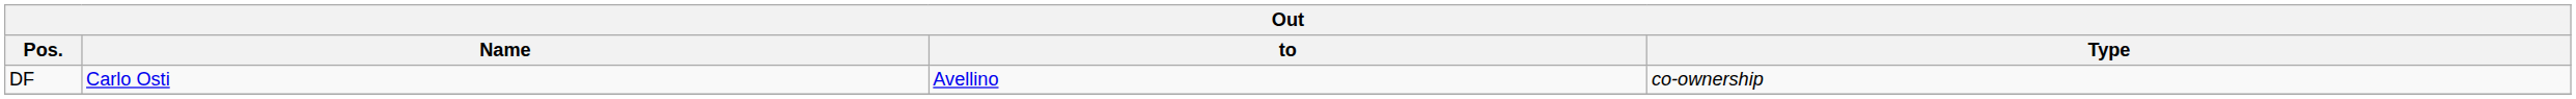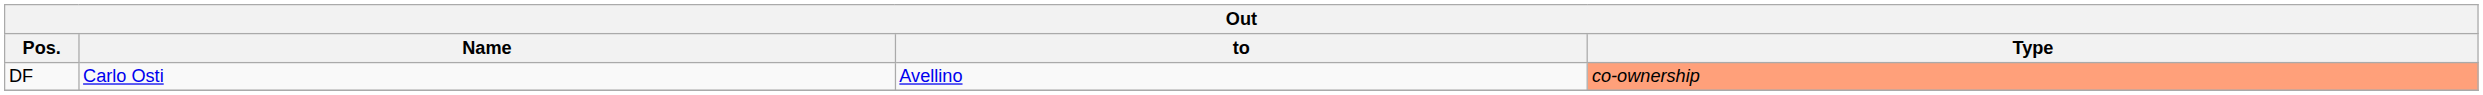 <table class="wikitable" style="font-size:90%;width:99%;">
 <tr>
 <th colspan="4">Out</th>
 </tr>
 <tr>
 <th width=3%>Pos.</th>
 <th width=33%>Name</th>
 <th width=28%>to</th>
 <th width=36%>Type</th>
 </tr>
 <tr>
 <td>DF</td>
 <td><a href='#'>Carlo Osti</a></td>
 <td><a href='#'>Avellino</a></td>
-<td><em>co-ownership</em></td>
+<td style="background: lightsalmon;"><em>co-ownership</em></td>
 </tr>
 <tr>
 </tr>
 </table>
